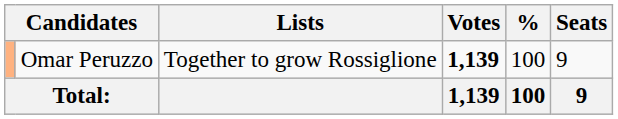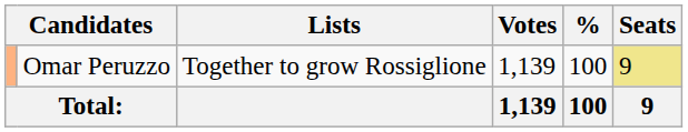 <table class="wikitable sortable">
 <tr>
 <th colspan="2">Candidates</th>
 <th>Lists</th>
 <th>Votes</th>
 <th>%</th>
 <th>Seats</th>
 </tr>
 <tr>
 <td bgcolor="#FFB280"></td>
 <td>Omar Peruzzo </td>
 <td>Together to grow Rossiglione</td>
-<td><strong>1,139</strong></td>
+<td>1,139</td>
 <td>100</td>
-<td>9</td>
+<td style="background: khaki;">9</td>
 </tr>
 <tr>
 <th colspan="2">Total:</th>
 <th></th>
 <th>1,139</th>
 <th>100</th>
 <th>9</th>
 </tr>
 </table>
